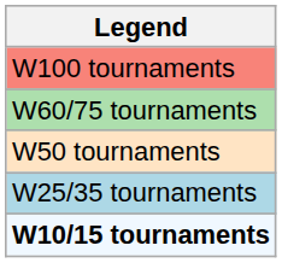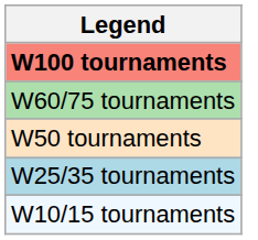 <table class="wikitable" style="font-size:85%;">
 <tr>
 <th>Legend</th>
 </tr>
 <tr style="background:#f88379;">
-<td>W100 tournaments</td>
+<td><strong>W100 tournaments</strong></td>
 </tr>
 <tr style="background:#addfad">
 <td>W60/75 tournaments</td>
 </tr>
 <tr style="background:#ffe4c4;">
 <td>W50 tournaments</td>
 </tr>
 <tr style="background:lightblue;">
 <td>W25/35 tournaments</td>
 </tr>
 <tr style="background:#f0f8ff;">
-<td><strong>W10/15 tournaments</strong></td>
+<td>W10/15 tournaments</td>
 </tr>
 </table>
